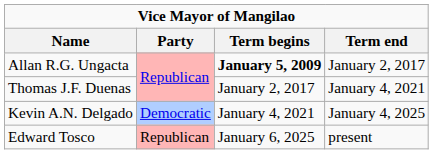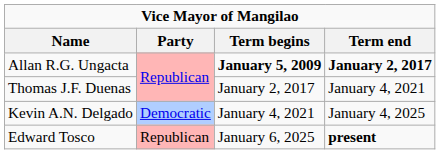 <table class="wikitable">
 <tr>
 <td colspan="4" align=center><strong>Vice Mayor of Mangilao</strong></td>
 </tr>
 <tr>
 <th>Name</th>
 <th>Party</th>
 <th>Term begins</th>
 <th>Term end</th>
 </tr>
 <tr>
 <td>Allan R.G. Ungacta</td>
 <td style="background-color: #FFB6B6"; rowspan="2"><a href='#'>Republican</a></td>
 <td><strong>January 5, 2009</strong></td>
-<td>January 2, 2017</td>
+<td><strong>January 2, 2017</strong></td>
 </tr>
 <tr>
 <td>Thomas J.F. Duenas</td>
 <td>January 2, 2017</td>
 <td>January 4, 2021</td>
 </tr>
 <tr>
 <td>Kevin A.N. Delgado</td>
 <td style="background-color: #B0CEFF";><a href='#'>Democratic</a></td>
 <td>January 4, 2021</td>
 <td>January 4, 2025</td>
 </tr>
 <tr>
 <td>Edward Tosco</td>
 <td style="background-color: #FFB6B6";>Republican</td>
 <td>January 6, 2025</td>
-<td>present</td>
+<td><strong>present</strong></td>
 </tr>
 </table>
